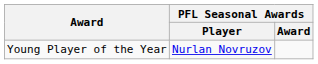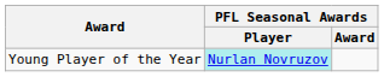 <table class="wikitable">
 <tr>
 <th rowspan="2">Award</th>
 <th colspan="2">PFL Seasonal Awards</th>
 </tr>
 <tr>
 <th>Player</th>
 <th>Award</th>
 </tr>
 <tr>
 <td>Young Player of the Year</td>
-<td> <a href='#'>Nurlan Novruzov</a></td>
+<td style="background: paleturquoise;"> <a href='#'>Nurlan Novruzov</a></td>
 <td></td>
 </tr>
 </table>
